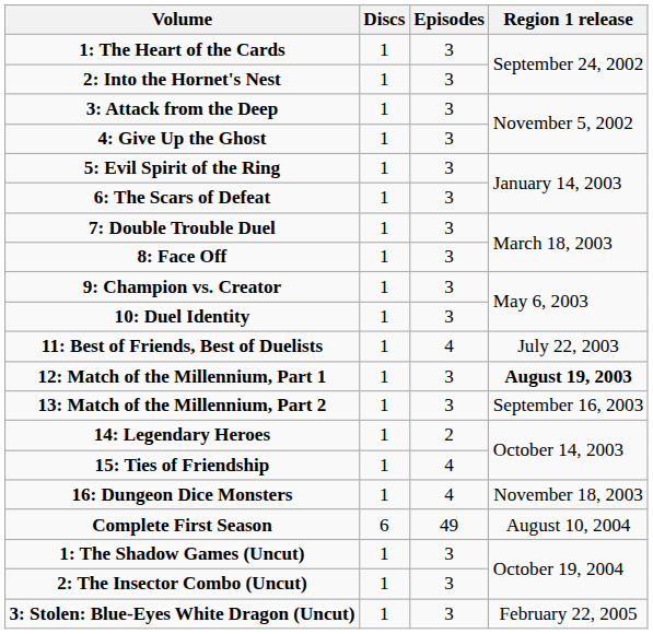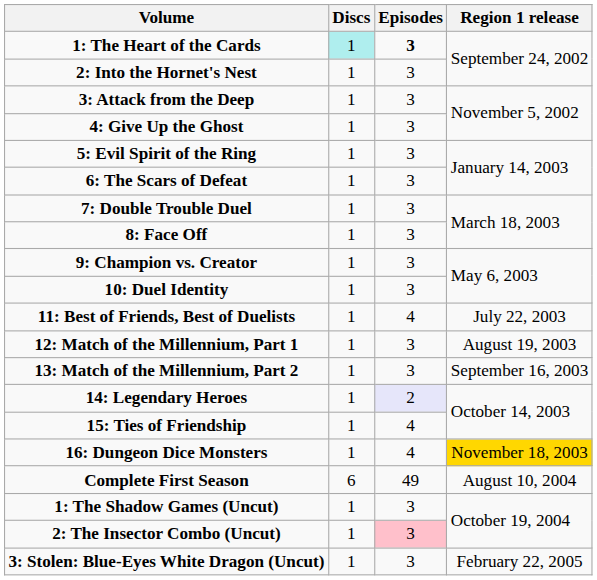 <table class="wikitable plainrowheaders">
 <tr>
 <th>Volume</th>
 <th>Discs</th>
 <th>Episodes</th>
 <th>Region 1 release</th>
 </tr>
 <tr>
 <td align=center><strong>1: The Heart of the Cards</strong></td>
-<td align=center>1</td>
-<td align=center>3</td>
+<td align=center style="background: paleturquoise;">1</td>
+<td align=center><strong>3</strong></td>
 <td rowspan="2">September 24, 2002</td>
 </tr>
 <tr>
 <td align=center><strong>2: Into the Hornet's Nest</strong></td>
 <td align=center>1</td>
 <td align=center>3</td>
 </tr>
 <tr>
 <td align=center><strong>3: Attack from the Deep</strong></td>
 <td align=center>1</td>
 <td align=center>3</td>
 <td rowspan="2">November 5, 2002</td>
 </tr>
 <tr>
 <td align=center><strong>4: Give Up the Ghost</strong></td>
 <td align=center>1</td>
 <td align=center>3</td>
 </tr>
 <tr>
 <td align=center><strong>5: Evil Spirit of the Ring</strong></td>
 <td align=center>1</td>
 <td align=center>3</td>
 <td rowspan="2">January 14, 2003</td>
 </tr>
 <tr>
 <td align=center><strong>6: The Scars of Defeat</strong></td>
 <td align=center>1</td>
 <td align=center>3</td>
 </tr>
 <tr>
 <td align=center><strong>7: Double Trouble Duel</strong></td>
 <td align=center>1</td>
 <td align=center>3</td>
 <td rowspan="2">March 18, 2003</td>
 </tr>
 <tr>
 <td align=center><strong>8: Face Off</strong></td>
 <td align=center>1</td>
 <td align=center>3</td>
 </tr>
 <tr>
 <td align=center><strong>9: Champion vs. Creator</strong></td>
 <td align=center>1</td>
 <td align=center>3</td>
 <td rowspan="2">May 6, 2003</td>
 </tr>
 <tr>
 <td align=center><strong>10: Duel Identity</strong></td>
 <td align=center>1</td>
 <td align=center>3</td>
 </tr>
 <tr>
 <td align=center><strong>11: Best of Friends, Best of Duelists</strong></td>
 <td align=center>1</td>
 <td align=center>4</td>
 <td align=center>July 22, 2003</td>
 </tr>
 <tr>
 <td align=center><strong>12: Match of the Millennium, Part 1</strong></td>
 <td align=center>1</td>
 <td align=center>3</td>
-<td align=center><strong>August 19, 2003</strong></td>
+<td align=center>August 19, 2003</td>
 </tr>
 <tr>
 <td align=center><strong>13: Match of the Millennium, Part 2</strong></td>
 <td align=center>1</td>
 <td align=center>3</td>
 <td align=center>September 16, 2003</td>
 </tr>
 <tr>
 <td align=center><strong>14: Legendary Heroes</strong></td>
 <td align=center>1</td>
-<td align=center>2</td>
+<td align=center style="background: lavender;">2</td>
 <td rowspan="2">October 14, 2003</td>
 </tr>
 <tr>
 <td align=center><strong>15: Ties of Friendship</strong></td>
 <td align=center>1</td>
 <td align=center>4</td>
 </tr>
 <tr>
 <td align=center><strong>16: Dungeon Dice Monsters</strong></td>
 <td align=center>1</td>
 <td align=center>4</td>
-<td align=center>November 18, 2003</td>
+<td align=center style="background: gold;">November 18, 2003</td>
 </tr>
 <tr>
 <td align=center><strong>Complete First Season</strong></td>
 <td align=center>6</td>
 <td align=center>49</td>
 <td align=center>August 10, 2004</td>
 </tr>
 <tr>
 <td align=center><strong>1: The Shadow Games (Uncut)</strong></td>
 <td align=center>1</td>
 <td align=center>3</td>
 <td rowspan="2">October 19, 2004</td>
 </tr>
 <tr>
 <td align=center><strong>2: The Insector Combo (Uncut)</strong></td>
 <td align=center>1</td>
-<td align=center>3</td>
+<td align=center style="background: pink;">3</td>
 </tr>
 <tr>
 <td align=center><strong>3: Stolen: Blue-Eyes White Dragon (Uncut)</strong></td>
 <td align=center>1</td>
 <td align=center>3</td>
 <td align=center>February 22, 2005</td>
 </tr>
 </table>
